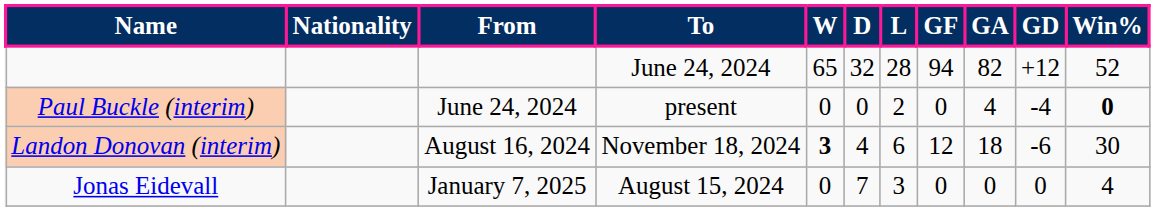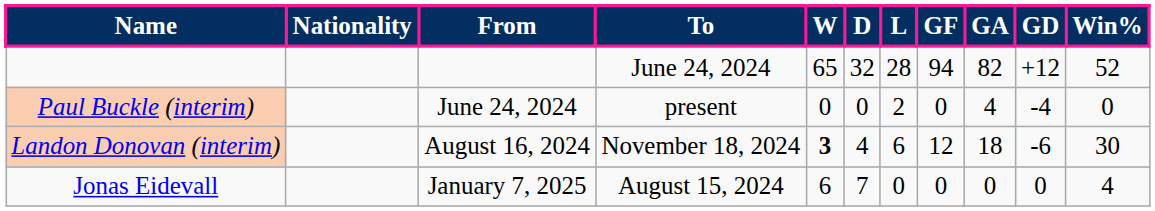 <table class="wikitable" style="text-align: center;">
 <tr>
 <th style="background:#032E62; color:white; border:2px solid #FC1896;">Name</th>
 <th style="background:#032E62; color:white; border:2px solid #FC1896;">Nationality</th>
 <th style="background:#032E62; color:white; border:2px solid #FC1896;">From</th>
 <th style="background:#032E62; color:white; border:2px solid #FC1896;">To</th>
 <th style="background:#032E62; color:white; border:2px solid #FC1896;">W</th>
 <th style="background:#032E62; color:white; border:2px solid #FC1896;">D</th>
 <th style="background:#032E62; color:white; border:2px solid #FC1896;">L</th>
 <th style="background:#032E62; color:white; border:2px solid #FC1896;">GF</th>
 <th style="background:#032E62; color:white; border:2px solid #FC1896;">GA</th>
 <th style="background:#032E62; color:white; border:2px solid #FC1896;">GD</th>
 <th style="background:#032E62; color:white; border:2px solid #FC1896;">Win%</th>
 </tr>
 <tr>
 <td></td>
 <td></td>
 <td style="text-align:center;"></td>
 <td style="text-align:center;">June 24, 2024</td>
 <td>65</td>
 <td>32</td>
 <td>28</td>
 <td>94</td>
 <td>82</td>
 <td>+12</td>
 <td>52</td>
 </tr>
 <tr>
 <td bgcolor="#FBCEB1"><em><a href='#'>Paul Buckle</a> (<a href='#'>interim</a>)</em></td>
 <td></td>
 <td>June 24, 2024</td>
 <td>present</td>
 <td>0</td>
 <td>0</td>
 <td>2</td>
 <td>0</td>
 <td>4</td>
 <td>-4</td>
-<td><strong>0</strong></td>
+<td>0</td>
 </tr>
 <tr>
 <td bgcolor="#FBCEB1"><em><a href='#'>Landon Donovan</a> (<a href='#'>interim</a>)</em></td>
 <td></td>
 <td>August 16, 2024</td>
 <td>November 18, 2024</td>
 <td><strong>3</strong></td>
 <td>4</td>
 <td>6</td>
 <td>12</td>
 <td>18</td>
 <td>-6</td>
 <td>30</td>
 </tr>
 <tr>
 <td><a href='#'>Jonas Eidevall</a></td>
 <td></td>
 <td>January 7, 2025</td>
 <td>August 15, 2024</td>
+<td>6</td>
+<td>7</td>
 <td>0</td>
-<td>7</td>
-<td>3</td>
 <td>0</td>
 <td>0</td>
 <td>0</td>
 <td>4</td>
 </tr>
 </table>
